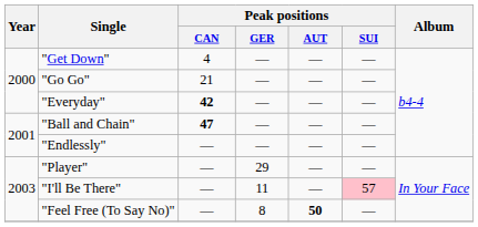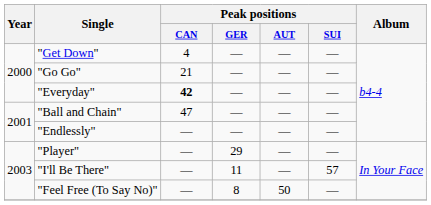 <table class="wikitable">
 <tr>
 <th rowspan="2">Year</th>
 <th rowspan="2">Single</th>
 <th colspan="4">Peak positions</th>
 <th rowspan="2">Album</th>
 </tr>
 <tr>
 <th width="60"><small><a href='#'>CAN</a><br></small></th>
 <th style="width: 55px;"><small><a href='#'>GER</a></small></th>
 <th style="width: 55px;"><small><a href='#'>AUT</a></small></th>
 <th style="width: 55px;"><small><a href='#'>SUI</a></small></th>
 </tr>
 <tr>
 <td rowspan="3">2000</td>
 <td>"<a href='#'>Get Down</a>"</td>
 <td align="center">4</td>
 <td align="center">—</td>
 <td align="center">—</td>
 <td align="center">—</td>
 <td rowspan="5"><em><a href='#'>b4-4</a></em></td>
 </tr>
 <tr>
 <td>"Go Go"</td>
 <td align="center">21</td>
 <td align="center">—</td>
 <td align="center">—</td>
 <td align="center">—</td>
 </tr>
 <tr>
 <td>"Everyday"</td>
 <td align="center"><strong>42</strong></td>
 <td align="center">—</td>
 <td align="center">—</td>
 <td align="center">—</td>
 </tr>
 <tr>
 <td rowspan="2">2001</td>
 <td>"Ball and Chain"</td>
-<td align="center"><strong>47</strong></td>
+<td align="center">47</td>
 <td align="center">—</td>
 <td align="center">—</td>
 <td align="center">—</td>
 </tr>
 <tr>
 <td>"Endlessly"</td>
 <td align="center">—</td>
 <td align="center">—</td>
 <td align="center">—</td>
 <td align="center">—</td>
 </tr>
 <tr>
 <td rowspan="3">2003</td>
 <td>"Player"</td>
 <td align="center">—</td>
 <td align="center">29</td>
 <td align="center">—</td>
 <td align="center">—</td>
 <td rowspan="3"><em><a href='#'>In Your Face</a></em></td>
 </tr>
 <tr>
 <td>"I'll Be There"</td>
 <td align="center">—</td>
 <td align="center">11</td>
 <td align="center">—</td>
-<td align="center" style="background: pink;">57</td>
+<td align="center">57</td>
 </tr>
 <tr>
 <td>"Feel Free (To Say No)"</td>
 <td align="center">—</td>
 <td align="center">8</td>
-<td align="center"><strong>50</strong></td>
+<td align="center">50</td>
 <td align="center">—</td>
 </tr>
 <tr>
 </tr>
 </table>
